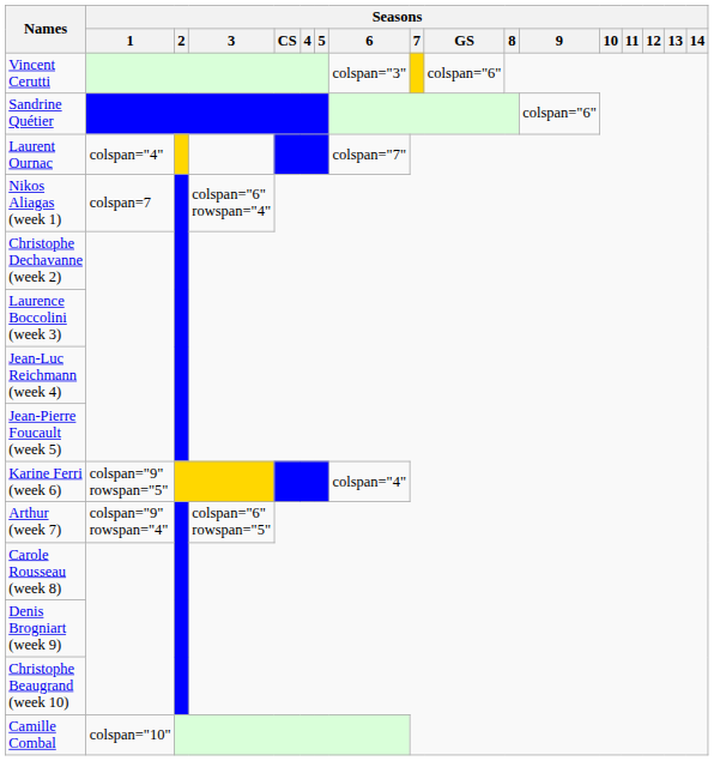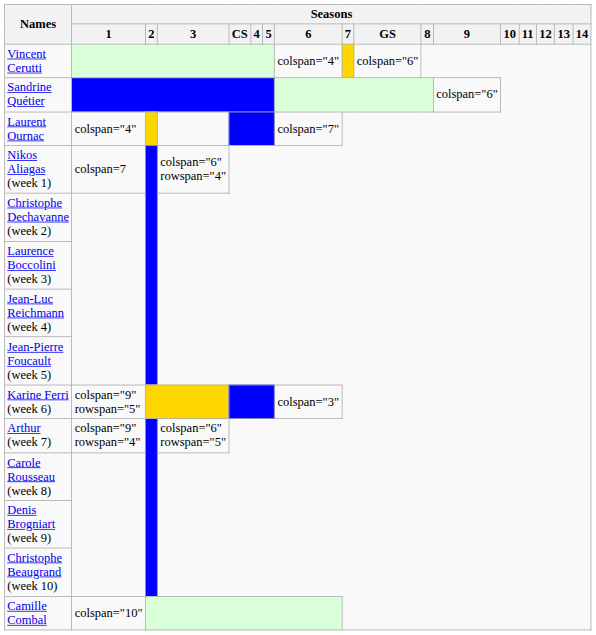 <table class="wikitable" width="50%">
 <tr>
 <th scope=col rowspan="2">Names</th>
 <th colspan="16" scope="col">Seasons</th>
 </tr>
 <tr>
 <th>1</th>
 <th>2</th>
 <th>3</th>
 <th>CS</th>
 <th>4</th>
 <th>5</th>
 <th>6</th>
 <th>7</th>
 <th>GS</th>
 <th>8</th>
 <th>9</th>
 <th>10</th>
 <th>11</th>
 <th>12</th>
 <th>13</th>
 <th>14</th>
 </tr>
 <tr>
 <td><a href='#'>Vincent Cerutti</a></td>
 <td colspan="6" style="background:#d9ffd9"></td>
-<td>colspan="3" </td>
+<td>colspan="4" </td>
 <td style="background:gold"></td>
 <td>colspan="6" </td>
 </tr>
 <tr>
 <td><a href='#'>Sandrine Quétier</a></td>
 <td style="background:blue" colspan="6"></td>
 <td style="background:#d9ffd9" colspan="4"></td>
 <td>colspan="6" </td>
 </tr>
 <tr>
 <td><a href='#'>Laurent Ournac</a></td>
 <td>colspan="4" </td>
 <td style="background:gold"></td>
 <td></td>
 <td colspan="3" style="background:blue"></td>
 <td>colspan="7" </td>
 </tr>
 <tr>
 <td><a href='#'>Nikos Aliagas</a> (week 1)</td>
 <td>colspan=7 </td>
 <td rowspan="5" style="background:blue"></td>
 <td>colspan="6" rowspan="4" </td>
 </tr>
 <tr>
 <td><a href='#'>Christophe Dechavanne</a> (week 2)</td>
 </tr>
 <tr>
 <td><a href='#'>Laurence Boccolini</a> (week 3)</td>
 </tr>
 <tr>
 <td><a href='#'>Jean-Luc Reichmann</a> (week 4)</td>
 </tr>
 <tr>
 <td><a href='#'>Jean-Pierre Foucault</a> (week 5)</td>
 </tr>
 <tr>
 <td><a href='#'>Karine Ferri</a> (week 6)</td>
 <td>colspan="9" rowspan="5" </td>
 <td style="background:gold" colspan="2"></td>
 <td style="background:blue" colspan="3"></td>
-<td>colspan="4" </td>
+<td>colspan="3" </td>
 </tr>
 <tr>
 <td><a href='#'>Arthur</a> (week 7)</td>
 <td>colspan="9" rowspan="4" </td>
 <td rowspan="4" style="background:blue"></td>
 <td>colspan="6" rowspan="5" </td>
 </tr>
 <tr>
 <td><a href='#'>Carole Rousseau</a> (week 8)</td>
 </tr>
 <tr>
 <td><a href='#'>Denis Brogniart</a> (week 9)</td>
 </tr>
 <tr>
 <td><a href='#'>Christophe Beaugrand</a> (week 10)</td>
 </tr>
 <tr>
 <td><a href='#'>Camille Combal</a></td>
 <td>colspan="10" </td>
 <td style="background:#d9ffd9" colspan="6"></td>
 </tr>
 </table>
